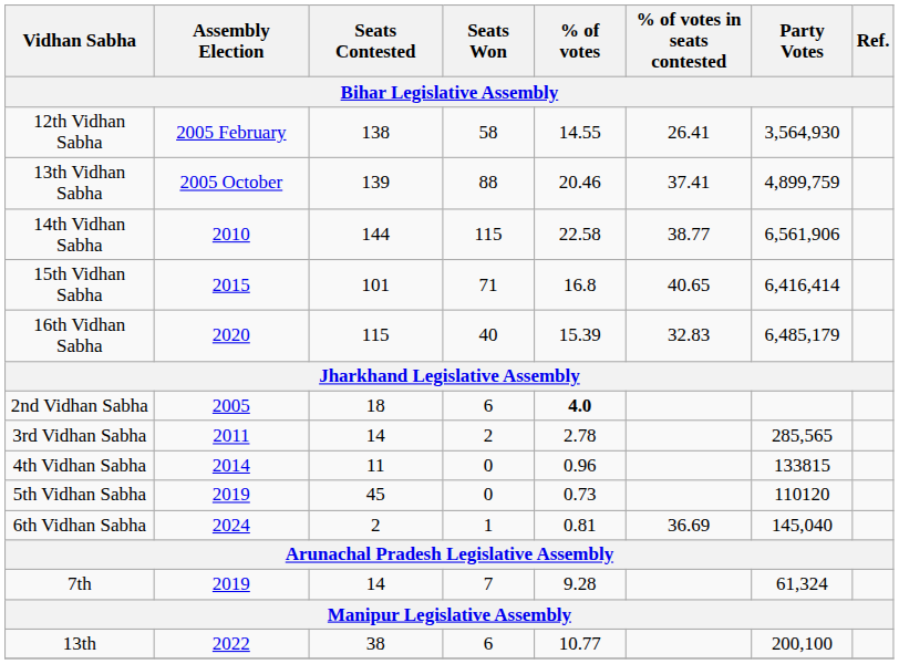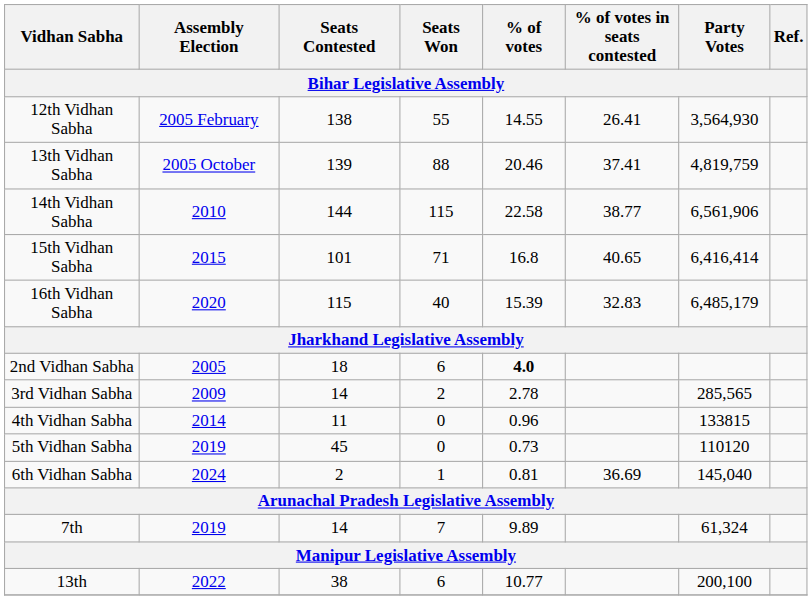 <table class="wikitable sortable" style="text-align:center;" width="60%";>
 <tr>
 <th style="background-color:">Vidhan Sabha</th>
 <th style="background-color:">Assembly Election</th>
 <th style="background-color:">Seats Contested</th>
 <th style="background-color:">Seats Won</th>
 <th style="background-color:">% of votes</th>
 <th style="background-color:">% of votes in<br>seats contested</th>
 <th style="background-color:">Party Votes</th>
 <th style="background-color:">Ref.</th>
 </tr>
 <tr>
 <th Colspan="8"><strong><a href='#'>Bihar  Legislative Assembly </a></strong></th>
 </tr>
 <tr>
 <td>12th Vidhan Sabha</td>
 <td><a href='#'>2005 February</a></td>
 <td>138</td>
-<td>58</td>
+<td>55</td>
 <td>14.55</td>
 <td>26.41</td>
 <td>3,564,930</td>
 <td></td>
 </tr>
 <tr>
 <td>13th Vidhan Sabha</td>
 <td><a href='#'>2005 October</a></td>
 <td>139</td>
 <td>88</td>
 <td>20.46</td>
 <td>37.41</td>
-<td>4,899,759</td>
+<td>4,819,759</td>
 <td></td>
 </tr>
 <tr>
 <td>14th Vidhan Sabha</td>
 <td><a href='#'>2010</a></td>
 <td>144</td>
 <td>115</td>
 <td>22.58</td>
 <td>38.77</td>
 <td>6,561,906</td>
 <td></td>
 </tr>
 <tr>
 <td>15th Vidhan Sabha</td>
 <td><a href='#'>2015</a></td>
 <td>101</td>
 <td>71</td>
 <td>16.8</td>
 <td>40.65</td>
 <td>6,416,414</td>
 <td></td>
 </tr>
 <tr>
 <td>16th Vidhan Sabha</td>
 <td><a href='#'>2020</a></td>
 <td>115</td>
 <td>40</td>
 <td>15.39</td>
 <td>32.83</td>
 <td>6,485,179</td>
 <td></td>
 </tr>
 <tr>
 <th Colspan="8"><strong><a href='#'>Jharkhand Legislative Assembly </a></strong></th>
 </tr>
 <tr>
 <td>2nd Vidhan Sabha</td>
 <td><a href='#'>2005</a></td>
 <td>18</td>
 <td>6</td>
 <td><strong>4.0</strong></td>
 <td></td>
 <td></td>
 <td></td>
 </tr>
 <tr>
 <td>3rd Vidhan Sabha</td>
-<td><a href='#'>2011</a></td>
+<td><a href='#'>2009</a></td>
 <td>14</td>
 <td>2</td>
 <td>2.78</td>
 <td></td>
 <td>285,565</td>
 <td></td>
 </tr>
 <tr>
 <td>4th Vidhan Sabha</td>
 <td><a href='#'>2014</a></td>
 <td>11</td>
 <td>0</td>
 <td>0.96</td>
 <td></td>
 <td>133815</td>
 <td></td>
 </tr>
 <tr>
 <td>5th Vidhan Sabha</td>
 <td><a href='#'>2019</a></td>
 <td>45</td>
 <td>0</td>
 <td>0.73</td>
 <td></td>
 <td>110120</td>
 <td></td>
 </tr>
 <tr>
 <td>6th Vidhan Sabha</td>
 <td><a href='#'>2024</a></td>
 <td>2</td>
 <td>1</td>
 <td>0.81</td>
 <td>36.69</td>
 <td>145,040</td>
 <td></td>
 </tr>
 <tr>
 <th Colspan="8"><strong><a href='#'>Arunachal Pradesh  Legislative Assembly </a></strong></th>
 </tr>
 <tr>
 <td>7th</td>
 <td><a href='#'>2019</a></td>
 <td>14</td>
 <td>7</td>
-<td>9.28</td>
+<td>9.89</td>
 <td></td>
 <td>61,324</td>
 <td></td>
 </tr>
 <tr>
 <th Colspan="8"><strong><a href='#'>Manipur Legislative Assembly </a></strong></th>
 </tr>
 <tr>
 <td>13th</td>
 <td><a href='#'>2022</a></td>
 <td>38</td>
 <td>6</td>
 <td>10.77</td>
 <td></td>
 <td>200,100</td>
 <td></td>
 </tr>
 <tr>
 </tr>
 </table>
